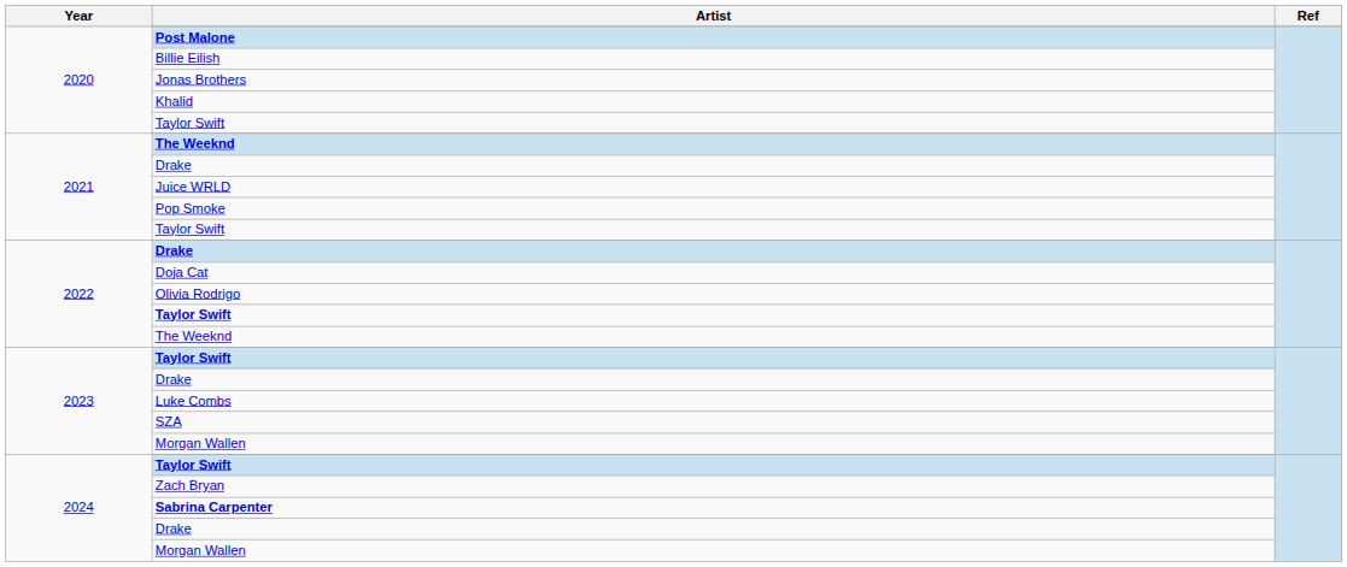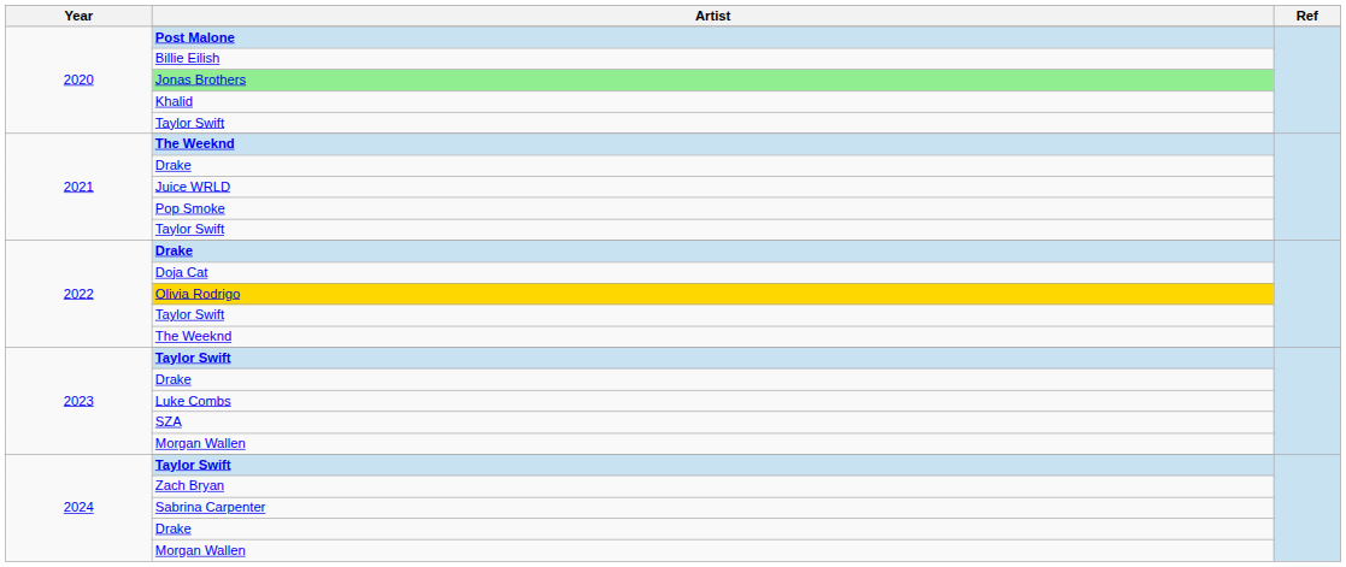 <table class="wikitable" style="width:100%;">
 <tr style="background:#bebebe;">
 <th style="width:11%;">Year</th>
 <th style="width:84%;">Artist</th>
 <th style="width:5%;">Ref</th>
 </tr>
 <tr>
 <td rowspan="6" align="center"><a href='#'>2020</a></td>
 </tr>
 <tr style="background:#c9e2f2">
 <td><strong><a href='#'>Post Malone</a></strong></td>
 <td rowspan="6"  align="center"></td>
 </tr>
 <tr>
 <td><a href='#'>Billie Eilish</a></td>
 </tr>
 <tr>
-<td><a href='#'>Jonas Brothers</a></td>
+<td style="background: lightgreen;"><a href='#'>Jonas Brothers</a></td>
 </tr>
 <tr>
 <td><a href='#'>Khalid</a></td>
 </tr>
 <tr>
 <td><a href='#'>Taylor Swift</a></td>
 </tr>
 <tr>
 <td rowspan="6" align="center"><a href='#'>2021</a></td>
 </tr>
 <tr style="background:#c9e2f2">
 <td><strong><a href='#'>The Weeknd</a></strong></td>
 <td rowspan="6"  align="center"></td>
 </tr>
 <tr>
 <td><a href='#'>Drake</a></td>
 </tr>
 <tr>
 <td><a href='#'>Juice WRLD</a></td>
 </tr>
 <tr>
 <td><a href='#'>Pop Smoke</a></td>
 </tr>
 <tr>
 <td><a href='#'>Taylor Swift</a></td>
 </tr>
 <tr>
 <td rowspan="6" align="center"><a href='#'>2022</a></td>
 </tr>
 <tr style="background:#c9e2f2">
 <td><strong><a href='#'>Drake</a></strong></td>
 <td rowspan="6"  align="center"></td>
 </tr>
 <tr>
 <td><a href='#'>Doja Cat</a></td>
 </tr>
 <tr>
-<td><a href='#'>Olivia Rodrigo</a></td>
+<td style="background: gold;"><a href='#'>Olivia Rodrigo</a></td>
 </tr>
 <tr>
-<td><strong><a href='#'>Taylor Swift</a></strong></td>
+<td><a href='#'>Taylor Swift</a></td>
 </tr>
 <tr>
 <td><a href='#'>The Weeknd</a></td>
 </tr>
 <tr>
 <td rowspan="6" align="center"><a href='#'>2023</a></td>
 </tr>
 <tr style="background:#c9e2f2">
 <td><strong><a href='#'>Taylor Swift</a></strong></td>
 <td rowspan="6"  align="center"></td>
 </tr>
 <tr>
 <td><a href='#'>Drake</a></td>
 </tr>
 <tr>
 <td><a href='#'>Luke Combs</a></td>
 </tr>
 <tr>
 <td><a href='#'>SZA</a></td>
 </tr>
 <tr>
 <td><a href='#'>Morgan Wallen</a></td>
 </tr>
 <tr>
 <td rowspan="6" align="center"><a href='#'>2024</a></td>
 </tr>
 <tr style="background:#c9e2f2">
 <td><strong><a href='#'>Taylor Swift</a></strong></td>
 <td rowspan="6"  align="center"></td>
 </tr>
 <tr>
 <td><a href='#'>Zach Bryan</a></td>
 </tr>
 <tr>
-<td><strong><a href='#'>Sabrina Carpenter</a></strong></td>
+<td><a href='#'>Sabrina Carpenter</a></td>
 </tr>
 <tr>
 <td><a href='#'>Drake</a></td>
 </tr>
 <tr>
 <td><a href='#'>Morgan Wallen</a></td>
 </tr>
 </table>
